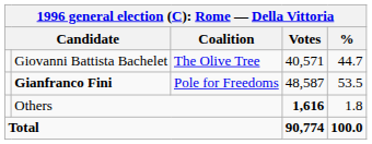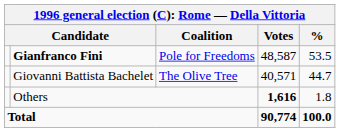 <table class=wikitable style=text-align:right>
 <tr>
 <th colspan=5><a href='#'>1996 general election</a> (<a href='#'>C</a>): <a href='#'>Rome</a> — <a href='#'>Della Vittoria</a></th>
 </tr>
 <tr>
 <th colspan=2>Candidate</th>
 <th>Coalition</th>
 <th>Votes</th>
 <th>%</th>
 </tr>
 <tr>
 <td></td>
+<td align=left><strong>Gianfranco Fini</strong></td>
+<td align=left><a href='#'>Pole for Freedoms</a></td>
+<td>48,587</td>
+<td>53.5</td>
+</tr>
+<tr>
+<td></td>
 <td align=left>Giovanni Battista Bachelet</td>
 <td align=left><a href='#'>The Olive Tree</a></td>
 <td>40,571</td>
 <td>44.7</td>
-</tr>
-<tr>
-<td></td>
-<td align=left><strong>Gianfranco Fini</strong></td>
-<td align=left><a href='#'>Pole for Freedoms</a></td>
-<td>48,587</td>
-<td>53.5</td>
 </tr>
 <tr>
 <td></td>
 <td align=left colspan=2>Others</td>
 <td><strong>1,616</strong></td>
 <td>1.8</td>
 </tr>
 <tr>
 <td align=left colspan=3><strong>Total</strong></td>
 <td><strong>90,774</strong></td>
 <td><strong>100.0</strong></td>
 </tr>
 </table>
